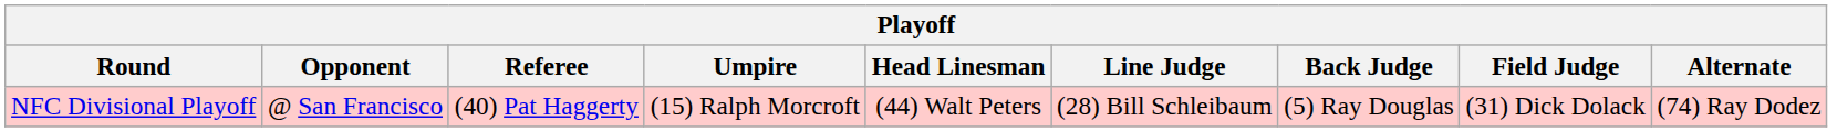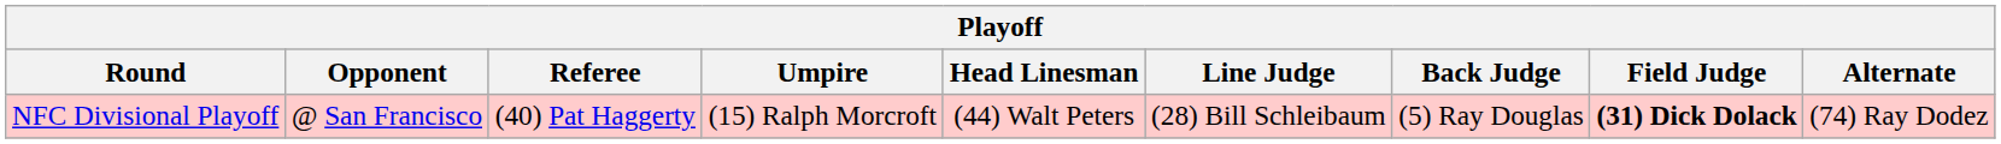 <table class="wikitable" style="text-align:center">
 <tr>
 <th colspan="9">Playoff</th>
 </tr>
 <tr>
 <th>Round</th>
 <th>Opponent</th>
 <th>Referee</th>
 <th>Umpire</th>
 <th>Head Linesman</th>
 <th>Line Judge</th>
 <th>Back Judge</th>
 <th>Field Judge</th>
 <th>Alternate</th>
 </tr>
 <tr style="background:#fcc">
 <td><a href='#'>NFC Divisional Playoff</a></td>
 <td>@ <a href='#'>San Francisco</a></td>
 <td>(40) <a href='#'>Pat Haggerty</a></td>
 <td>(15) Ralph Morcroft</td>
 <td>(44) Walt Peters</td>
 <td>(28) Bill Schleibaum</td>
 <td>(5) Ray Douglas</td>
-<td>(31) Dick Dolack</td>
+<td><strong>(31) Dick Dolack</strong></td>
 <td>(74) Ray Dodez</td>
 </tr>
 </table>
